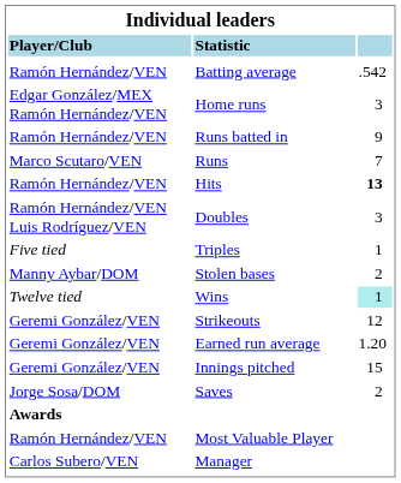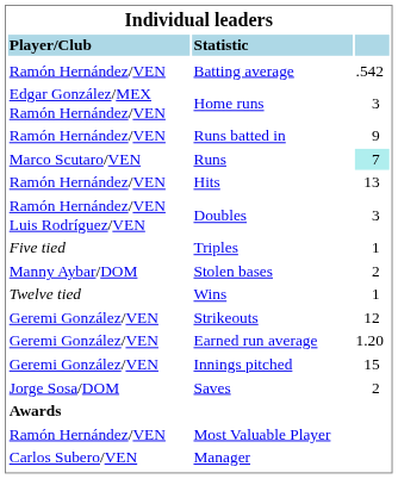 <table cellpadding="1" width="350px" style="font-size: 90%; border: 1px solid gray;">
 <tr align="center" style="font-size: larger;">
 <td colspan=6><strong>Individual leaders</strong></td>
 </tr>
 <tr style="background:lightblue;">
 <td><strong>Player/Club</strong></td>
 <td><strong>Statistic</strong></td>
 <td></td>
 </tr>
 <tr align="center" style="vertical-align: middle;" style="background:lightblue;">
 </tr>
 <tr>
 <td><a href='#'>Ramón Hernández</a>/<a href='#'>VEN</a></td>
 <td><a href='#'>Batting average</a></td>
 <td>.542</td>
 </tr>
 <tr>
 <td><a href='#'>Edgar González</a>/<a href='#'>MEX</a>  <br> <a href='#'>Ramón Hernández</a>/<a href='#'>VEN</a></td>
 <td><a href='#'>Home runs</a></td>
 <td>     3</td>
 </tr>
 <tr>
 <td><a href='#'>Ramón Hernández</a>/<a href='#'>VEN</a></td>
 <td><a href='#'>Runs batted in</a></td>
 <td>     9</td>
 </tr>
 <tr>
 <td><a href='#'>Marco Scutaro</a>/<a href='#'>VEN</a></td>
 <td><a href='#'>Runs</a></td>
-<td>     7</td>
+<td style="background: paleturquoise;">     7</td>
 </tr>
 <tr>
 <td><a href='#'>Ramón Hernández</a>/<a href='#'>VEN</a></td>
 <td><a href='#'>Hits</a></td>
-<td><strong>  13</strong></td>
+<td>  13</td>
 </tr>
 <tr>
 <td><a href='#'>Ramón Hernández</a>/<a href='#'>VEN</a>  <br> <a href='#'>Luis Rodríguez</a>/<a href='#'>VEN</a></td>
 <td><a href='#'>Doubles</a></td>
 <td>     3</td>
 </tr>
 <tr>
 <td><em>Five tied</em></td>
 <td><a href='#'>Triples</a></td>
 <td>    1</td>
 </tr>
 <tr>
 <td><a href='#'>Manny Aybar</a>/<a href='#'>DOM</a></td>
 <td><a href='#'>Stolen bases</a></td>
 <td>     2</td>
 </tr>
 <tr>
 <td><em>Twelve tied</em></td>
 <td><a href='#'>Wins</a></td>
-<td style="background: paleturquoise;">     1</td>
+<td>     1</td>
 </tr>
 <tr>
 <td><a href='#'>Geremi González</a>/<a href='#'>VEN</a></td>
 <td><a href='#'>Strikeouts</a></td>
 <td>  12</td>
 </tr>
 <tr>
 <td><a href='#'>Geremi González</a>/<a href='#'>VEN</a></td>
 <td><a href='#'>Earned run average</a></td>
 <td>1.20</td>
 </tr>
 <tr>
 <td><a href='#'>Geremi González</a>/<a href='#'>VEN</a></td>
 <td><a href='#'>Innings pitched</a></td>
 <td>  15</td>
 </tr>
 <tr>
 <td><a href='#'>Jorge Sosa</a>/<a href='#'>DOM</a></td>
 <td><a href='#'>Saves</a></td>
 <td>     2</td>
 </tr>
 <tr>
 <td><strong>Awards</strong></td>
 </tr>
 <tr>
 <td><a href='#'>Ramón Hernández</a>/<a href='#'>VEN</a></td>
 <td><a href='#'>Most Valuable Player</a></td>
 </tr>
 <tr>
 <td><a href='#'>Carlos Subero</a>/<a href='#'>VEN</a></td>
 <td><a href='#'>Manager</a></td>
 </tr>
 <tr>
 </tr>
 </table>
